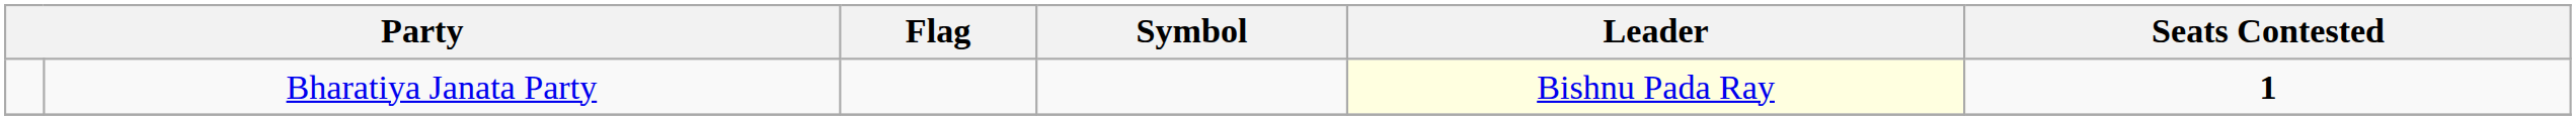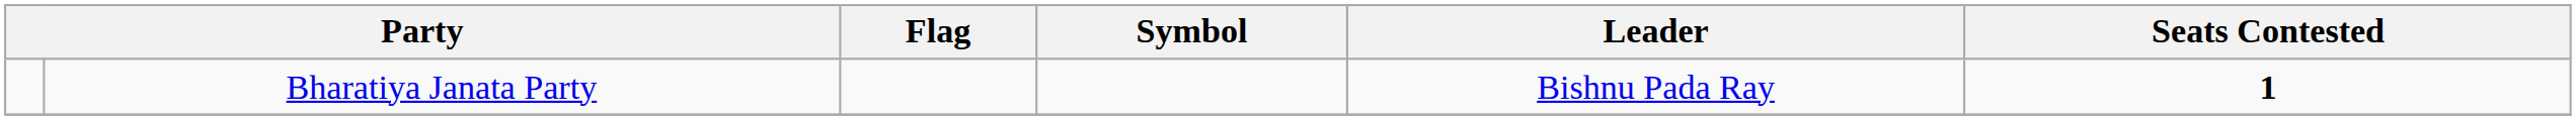 <table class="wikitable" width="60%" style="text-align:center">
 <tr>
 <th colspan="2">Party</th>
 <th>Flag</th>
 <th>Symbol</th>
 <th>Leader</th>
 <th>Seats Contested</th>
 </tr>
 <tr>
 <td></td>
 <td><a href='#'>Bharatiya Janata Party</a></td>
 <td></td>
 <td></td>
-<td style="background: lightyellow;"><a href='#'>Bishnu Pada Ray</a></td>
+<td><a href='#'>Bishnu Pada Ray</a></td>
 <td><strong>1</strong></td>
 </tr>
 <tr>
 </tr>
 </table>
